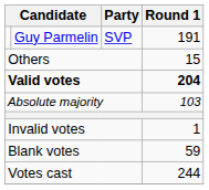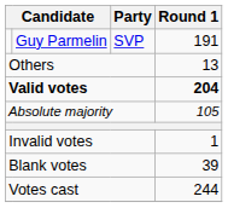 <table class="wikitable" style="text-align:right;">
 <tr>
 <th colspan=2>Candidate</th>
 <th>Party</th>
 <th>Round 1</th>
 </tr>
 <tr>
 <td style="background-color:"></td>
 <td style="text-align:left;"><a href='#'>Guy Parmelin</a></td>
 <td style="text-align:left;"><a href='#'>SVP</a></td>
 <td>191</td>
 </tr>
 <tr>
 <td colspan=3 style="text-align:left;">Others</td>
-<td>15</td>
+<td>13</td>
 </tr>
 <tr style="font-weight:bold;">
 <td colspan=3 style="text-align:left;">Valid votes</td>
 <td>204</td>
 </tr>
 <tr style="font-style:italic; font-size:90%;">
 <td colspan=3 style="text-align:left;">Absolute majority</td>
-<td>103</td>
+<td>105</td>
 </tr>
 <tr>
 <th colspan=10></th>
 </tr>
 <tr>
 <td colspan=3 style="text-align:left;">Invalid votes</td>
 <td>1</td>
 </tr>
 <tr>
 <td colspan=3 style="text-align:left;">Blank votes</td>
-<td>59</td>
+<td>39</td>
 </tr>
 <tr>
 <td colspan=3 style="text-align:left;">Votes cast</td>
 <td>244</td>
 </tr>
 <tr>
 </tr>
 </table>
